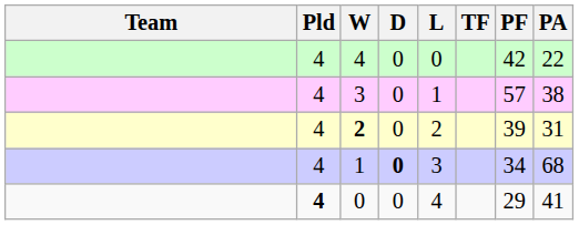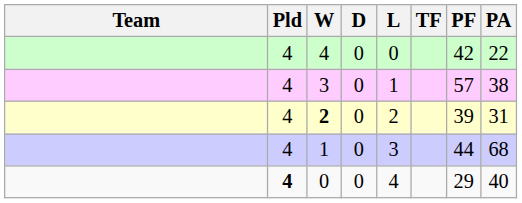 <table class="wikitable" style="text-align:center">
 <tr>
 <th width="200">Team</th>
 <th width="20">Pld</th>
 <th width="20">W</th>
 <th width="20">D</th>
 <th width="20">L</th>
 <th width="20">TF</th>
 <th width="20">PF</th>
 <th width="20">PA</th>
 </tr>
 <tr style="background:#cfc">
 <td align=left></td>
 <td>4</td>
 <td>4</td>
 <td>0</td>
 <td>0</td>
 <td></td>
 <td>42</td>
 <td>22</td>
 </tr>
 <tr style="background:#ffccff">
 <td align=left></td>
 <td>4</td>
 <td>3</td>
 <td>0</td>
 <td>1</td>
 <td></td>
 <td>57</td>
 <td>38</td>
 </tr>
 <tr style="background:#ffc">
 <td align=left></td>
 <td>4</td>
 <td><strong>2</strong></td>
 <td>0</td>
 <td>2</td>
 <td></td>
 <td>39</td>
 <td>31</td>
 </tr>
 <tr bgcolor=ccccff>
 <td align=left></td>
 <td>4</td>
 <td>1</td>
-<td><strong>0</strong></td>
+<td>0</td>
 <td>3</td>
 <td></td>
-<td>34</td>
+<td>44</td>
 <td>68</td>
 </tr>
 <tr>
 <td align=left></td>
 <td><strong>4</strong></td>
 <td>0</td>
 <td>0</td>
 <td>4</td>
 <td></td>
 <td>29</td>
-<td>41</td>
+<td>40</td>
 </tr>
 </table>
